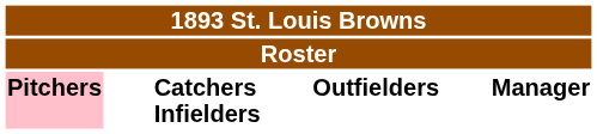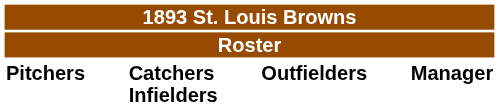 <table class="toccolours" style="font-size: 95%;">
 <tr>
 <th colspan="10" style="background-color: #964B00; color: white; text-align: center;">1893 St. Louis Browns</th>
 </tr>
 <tr>
 <td colspan="10" style="background-color: #964B00; color: white; text-align: center;"><strong>Roster</strong></td>
 </tr>
 <tr>
-<td valign="top" style="background: pink;"><strong>Pitchers</strong><br>      </td>
+<td valign="top"><strong>Pitchers</strong><br>      </td>
 <td width="25px"></td>
 <td valign="top"><strong>Catchers</strong><br>     <strong>Infielders</strong>       </td>
 <td width="25px"></td>
 <td valign="top"><strong>Outfielders</strong><br>         </td>
 <td width="25px"></td>
 <td valign="top"><strong>Manager</strong><br></td>
 </tr>
 </table>
